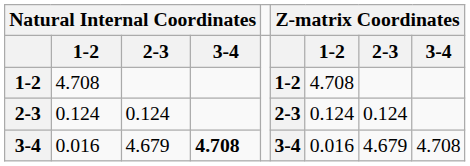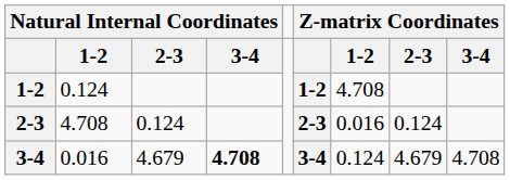 <table class="wikitable">
 <tr>
 <th colspan="4">Natural Internal Coordinates</th>
 <td></td>
 <th colspan="4">Z-matrix Coordinates</th>
 </tr>
 <tr>
 <th></th>
 <th>1-2</th>
 <th>2-3</th>
 <th>3-4</th>
 <td rowspan="4"></td>
 <th></th>
 <th>1-2</th>
 <th>2-3</th>
 <th>3-4</th>
 </tr>
 <tr>
 <th><strong>1-2</strong></th>
-<td>4.708</td>
+<td>0.124</td>
 <td></td>
 <td></td>
 <th><strong>1-2</strong></th>
 <td>4.708</td>
 <td></td>
 <td></td>
 </tr>
 <tr>
 <th><strong>2-3</strong></th>
-<td>0.124</td>
+<td>4.708</td>
 <td>0.124</td>
 <td></td>
 <th><strong>2-3</strong></th>
-<td>0.124</td>
+<td>0.016</td>
 <td>0.124</td>
 <td></td>
 </tr>
 <tr>
 <th><strong>3-4</strong></th>
 <td>0.016</td>
 <td>4.679</td>
 <td><strong>4.708</strong></td>
 <th><strong>3-4</strong></th>
-<td>0.016</td>
+<td>0.124</td>
 <td>4.679</td>
 <td>4.708</td>
 </tr>
 </table>
